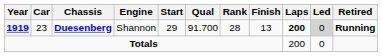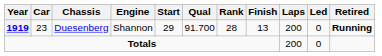 <table class="wikitable" style="text-align:center">
 <tr>
 <th>Year</th>
 <th>Car</th>
 <th>Chassis</th>
 <th>Engine</th>
 <th>Start</th>
 <th>Qual</th>
 <th>Rank</th>
 <th>Finish</th>
 <th>Laps</th>
 <th>Led</th>
 <th>Retired</th>
 </tr>
 <tr>
 <th><a href='#'>1919</a></th>
 <td>23</td>
-<td><strong><a href='#'>Duesenberg</a></strong></td>
+<td><a href='#'>Duesenberg</a></td>
 <td>Shannon</td>
 <td>29</td>
 <td>91.700</td>
 <td>28</td>
 <td>13</td>
-<td><strong>200</strong></td>
-<td style="background: lightgrey;">0</td>
+<td>200</td>
+<td>0</td>
 <td><strong>Running</strong></td>
 </tr>
 <tr>
 <td colspan=8><strong>Totals</strong></td>
 <td>200</td>
 <td>0</td>
 <td></td>
 </tr>
 </table>
